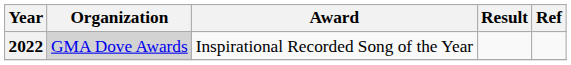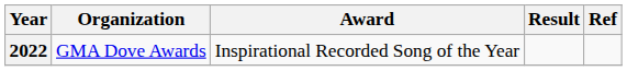 <table class="wikitable plainrowheaders">
 <tr>
 <th>Year</th>
 <th>Organization</th>
 <th>Award</th>
 <th>Result</th>
 <th>Ref</th>
 </tr>
 <tr>
 <th scope="row">2022</th>
-<td style="background: lightgrey;"><a href='#'>GMA Dove Awards</a></td>
+<td><a href='#'>GMA Dove Awards</a></td>
 <td>Inspirational Recorded Song of the Year</td>
 <td></td>
 <td></td>
 </tr>
 <tr>
 </tr>
 </table>
